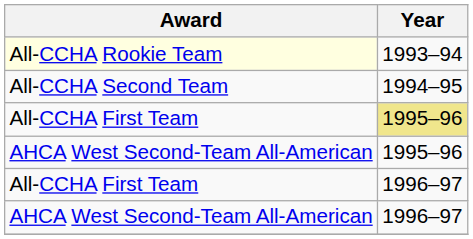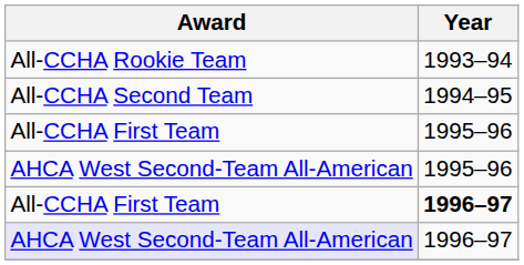 <table class="wikitable">
 <tr>
 <th>Award</th>
 <th>Year</th>
 </tr>
 <tr>
-<td style="background: lightyellow;">All-<a href='#'>CCHA</a> <a href='#'>Rookie Team</a></td>
+<td>All-<a href='#'>CCHA</a> <a href='#'>Rookie Team</a></td>
 <td 1993–94 NCAA Division I men's ice hockey season>1993–94</td>
 </tr>
 <tr>
 <td>All-<a href='#'>CCHA</a> <a href='#'>Second Team</a></td>
 <td 1994–95 NCAA Division I men's ice hockey season>1994–95</td>
 </tr>
 <tr>
 <td>All-<a href='#'>CCHA</a> <a href='#'>First Team</a></td>
-<td 1995–96 NCAA Division I men's ice hockey season style="background: khaki;">1995–96</td>
+<td 1995–96 NCAA Division I men's ice hockey season>1995–96</td>
 </tr>
 <tr>
 <td><a href='#'>AHCA</a> <a href='#'>West Second-Team All-American</a></td>
 <td 1995–96 NCAA Division I men's ice hockey season>1995–96</td>
 </tr>
 <tr>
 <td>All-<a href='#'>CCHA</a> <a href='#'>First Team</a></td>
-<td 1996–97 NCAA Division I men's ice hockey season>1996–97</td>
+<td 1996–97 NCAA Division I men's ice hockey season><strong>1996–97</strong></td>
 </tr>
 <tr>
-<td><a href='#'>AHCA</a> <a href='#'>West Second-Team All-American</a></td>
+<td style="background: lavender;"><a href='#'>AHCA</a> <a href='#'>West Second-Team All-American</a></td>
 <td 1996–97 NCAA Division I men's ice hockey season>1996–97</td>
 </tr>
 <tr>
 </tr>
 </table>
